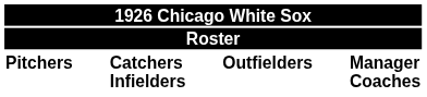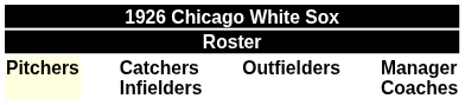 <table class="toccolours" style="font-size: 95%;">
 <tr>
 <th colspan="10" style="background-color: black; color: white; text-align: center;">1926 Chicago White Sox</th>
 </tr>
 <tr>
 <td colspan="10" style="background-color: black; color: white; text-align: center;"><strong>Roster</strong></td>
 </tr>
 <tr>
-<td valign="top"><strong>Pitchers</strong><br>          </td>
+<td valign="top" style="background: lightyellow;"><strong>Pitchers</strong><br>          </td>
 <td width="25px"></td>
 <td valign="top"><strong>Catchers</strong><br>    <strong>Infielders</strong>         </td>
 <td width="25px"></td>
 <td valign="top"><strong>Outfielders</strong><br>     </td>
 <td width="25px"></td>
 <td valign="top"><strong>Manager</strong><br> <strong>Coaches</strong>  </td>
 </tr>
 </table>
